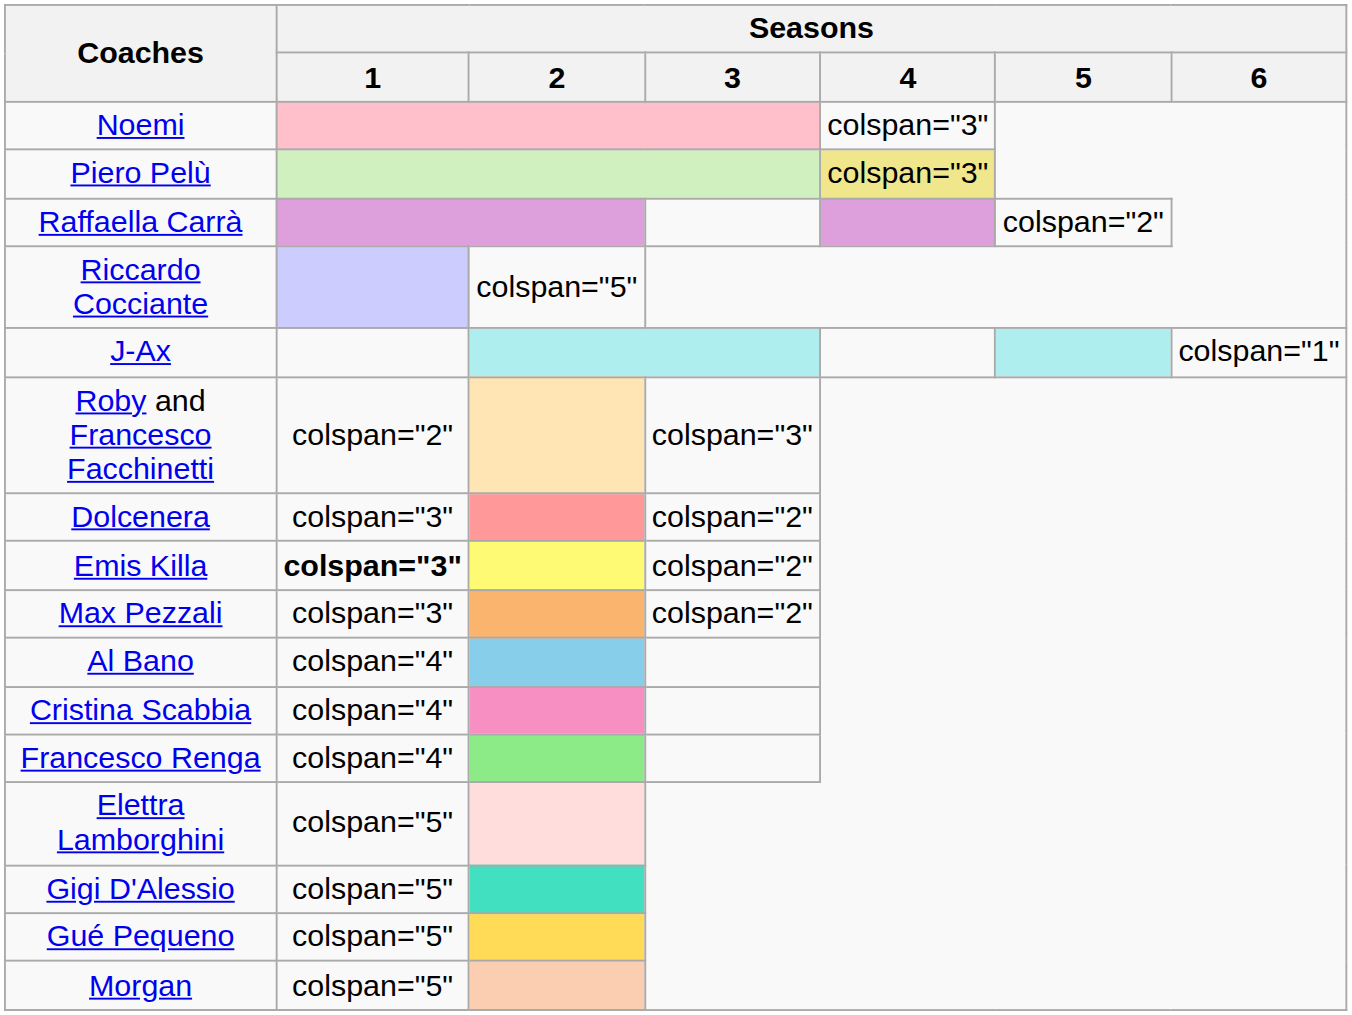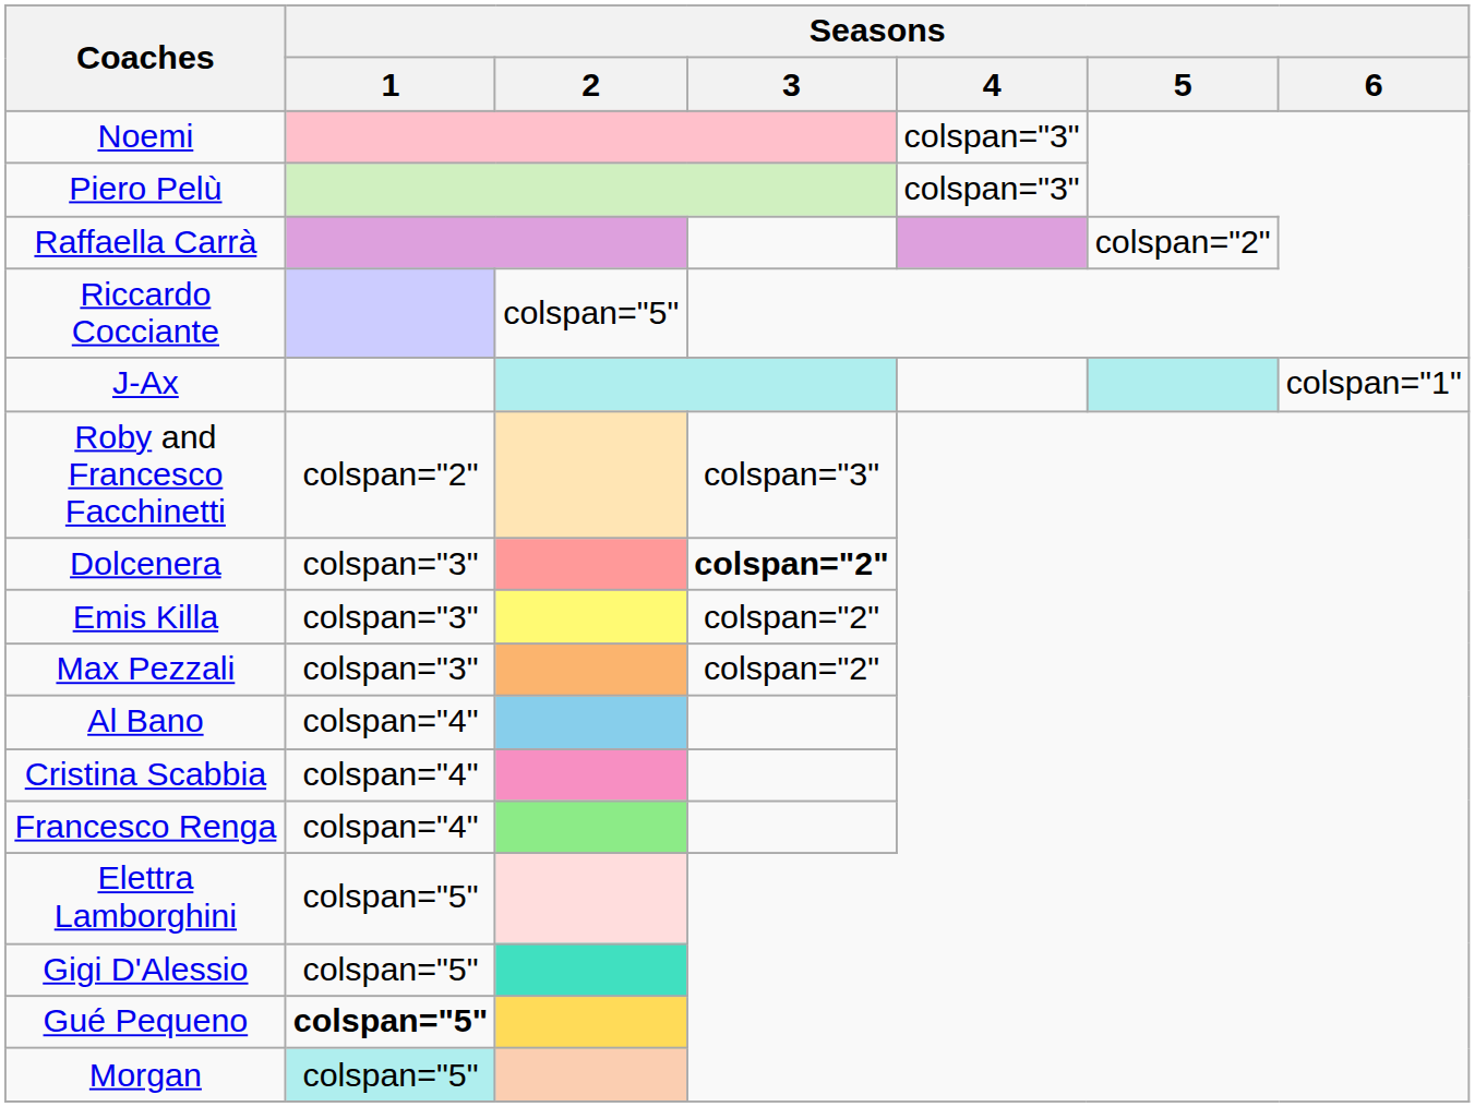 <table class="wikitable" style="text-align:center; width:80%">
 <tr>
 <th rowspan="2" width="135">Coaches</th>
 <th colspan="6">Seasons</th>
 </tr>
 <tr>
 <th width="40">1</th>
 <th width="40">2</th>
 <th width="40">3</th>
 <th width="40">4</th>
 <th width="40">5</th>
 <th width="40">6</th>
 </tr>
 <tr>
 <td><a href='#'>Noemi</a></td>
 <td colspan="3" style="background:pink"></td>
 <td>colspan="3" </td>
 </tr>
 <tr>
 <td><a href='#'>Piero Pelù</a></td>
 <td colspan="3" style="background:#d0f0c0"></td>
-<td style="background: khaki;">colspan="3" </td>
+<td>colspan="3" </td>
 </tr>
 <tr>
 <td><a href='#'>Raffaella Carrà</a></td>
 <td colspan="2" style="background:#dda0dd"></td>
 <td></td>
 <td style="background:#dda0dd"></td>
 <td>colspan="2" </td>
 </tr>
 <tr>
 <td><a href='#'>Riccardo Cocciante</a></td>
 <td style="background:#ccccff"></td>
 <td>colspan="5" </td>
 </tr>
 <tr>
 <td><a href='#'>J-Ax</a></td>
 <td></td>
 <td colspan="2" style="background:#afeeee"></td>
 <td></td>
 <td style="background:#afeeee"></td>
 <td>colspan="1" </td>
 </tr>
 <tr>
 <td><a href='#'>Roby</a> and <a href='#'>Francesco Facchinetti</a></td>
 <td>colspan="2" </td>
 <td style="background:#ffe5b4"></td>
 <td>colspan="3" </td>
 </tr>
 <tr>
 <td><a href='#'>Dolcenera</a></td>
 <td>colspan="3" </td>
 <td style="background:#ff9999"></td>
-<td>colspan="2" </td>
+<td><strong>colspan="2" </strong></td>
 </tr>
 <tr>
 <td><a href='#'>Emis Killa</a></td>
-<td><strong>colspan="3" </strong></td>
+<td>colspan="3" </td>
 <td style="background:#fffa73"></td>
 <td>colspan="2" </td>
 </tr>
 <tr>
 <td><a href='#'>Max Pezzali</a></td>
 <td>colspan="3" </td>
 <td style="background:#fbb46e"></td>
 <td>colspan="2" </td>
 </tr>
 <tr>
 <td><a href='#'>Al Bano</a></td>
 <td>colspan="4" </td>
 <td style="background:#87ceeb"></td>
 <td></td>
 </tr>
 <tr>
 <td><a href='#'>Cristina Scabbia</a></td>
 <td>colspan="4" </td>
 <td style="background:#f78fc2"></td>
 <td></td>
 </tr>
 <tr>
 <td><a href='#'>Francesco Renga</a></td>
 <td>colspan="4" </td>
 <td style="background:#8ceb87"></td>
 <td></td>
 </tr>
 <tr>
 <td><a href='#'>Elettra Lamborghini</a></td>
 <td>colspan="5" </td>
 <td style="background:#ffdddd"></td>
 </tr>
 <tr>
 <td><a href='#'>Gigi D'Alessio</a></td>
 <td>colspan="5" </td>
 <td style="background:#40e0c0"></td>
 </tr>
 <tr>
 <td><a href='#'>Gué Pequeno</a></td>
-<td>colspan="5" </td>
+<td><strong>colspan="5" </strong></td>
 <td style="background:#ffdb58"></td>
 </tr>
 <tr>
 <td><a href='#'>Morgan</a></td>
-<td>colspan="5" </td>
+<td style="background: paleturquoise;">colspan="5" </td>
 <td style="background:#fbceb1"></td>
 </tr>
 <tr>
 </tr>
 </table>
